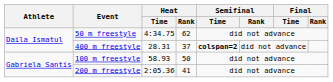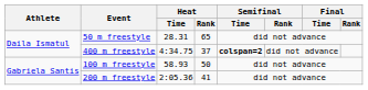 <table class=wikitable style="font-size:90%">
 <tr>
 <th rowspan="2">Athlete</th>
 <th rowspan="2">Event</th>
 <th colspan="2">Heat</th>
 <th colspan="2">Semifinal</th>
 <th colspan="2">Final</th>
 </tr>
 <tr style="font-size:95%">
 <th>Time</th>
 <th>Rank</th>
 <th>Time</th>
 <th>Rank</th>
 <th>Time</th>
 <th>Rank</th>
 </tr>
 <tr align=center>
 <td align=left rowspan=2><a href='#'>Daila Ismatul</a></td>
 <td align=left><a href='#'>50 m freestyle</a></td>
-<td>4:34.75</td>
-<td>62</td>
+<td>28.31</td>
+<td>65</td>
 <td colspan=4>did not advance</td>
 </tr>
 <tr align=center>
 <td align=left><a href='#'>400 m freestyle</a></td>
-<td>28.31</td>
+<td>4:34.75</td>
 <td>37</td>
 <td><strong>colspan=2</strong></td>
 <td colspan=2>did not advance</td>
 </tr>
 <tr align=center>
 <td align=left rowspan=2><a href='#'>Gabriela Santis</a></td>
 <td align=left><a href='#'>100 m freestyle</a></td>
 <td>58.93</td>
 <td>50</td>
 <td colspan=4>did not advance</td>
 </tr>
 <tr align=center>
 <td align=left><a href='#'>200 m freestyle</a></td>
 <td>2:05.36</td>
 <td>41</td>
 <td colspan=4>did not advance</td>
 </tr>
 </table>
